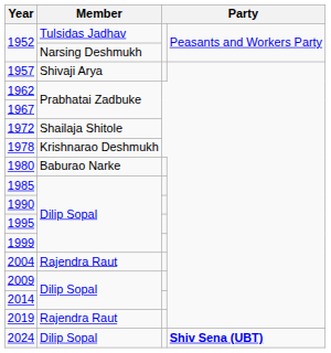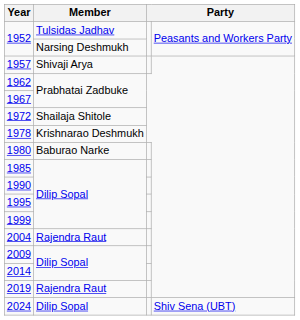 <table class="wikitable">
 <tr>
 <th>Year</th>
 <th>Member</th>
 <th colspan="2">Party</th>
 </tr>
 <tr>
 <td rowspan="2"><a href='#'>1952</a></td>
 <td><a href='#'>Tulsidas Jadhav</a></td>
 <td rowspan=2 style="background-color: "></td>
 <td rowspan=2><a href='#'>Peasants and Workers Party</a></td>
 </tr>
 <tr>
 <td>Narsing Deshmukh</td>
 </tr>
 <tr>
 <td><a href='#'>1957</a></td>
 <td>Shivaji Arya</td>
 <td></td>
 </tr>
 <tr>
 <td><a href='#'>1962</a></td>
 <td rowspan="2">Prabhatai Zadbuke</td>
 </tr>
 <tr>
 <td><a href='#'>1967</a></td>
 </tr>
 <tr>
 <td><a href='#'>1972</a></td>
 <td>Shailaja Shitole</td>
 </tr>
 <tr>
 <td><a href='#'>1978</a></td>
 <td>Krishnarao Deshmukh</td>
 </tr>
 <tr>
 <td><a href='#'>1980</a></td>
 <td>Baburao Narke</td>
 <td></td>
 </tr>
 <tr>
 <td><a href='#'>1985</a></td>
 <td rowspan="4"><a href='#'>Dilip Sopal</a></td>
 <td></td>
 </tr>
 <tr>
 <td><a href='#'>1990</a></td>
 <td></td>
 </tr>
 <tr>
 <td><a href='#'>1995</a></td>
 <td></td>
 </tr>
 <tr>
 <td><a href='#'>1999</a></td>
 <td></td>
 </tr>
 <tr>
 <td><a href='#'>2004</a></td>
 <td><a href='#'>Rajendra Raut</a></td>
 <td></td>
 </tr>
 <tr>
 <td><a href='#'>2009</a></td>
 <td rowspan="2"><a href='#'>Dilip Sopal</a></td>
 <td></td>
 </tr>
 <tr>
 <td><a href='#'>2014</a></td>
 <td></td>
 </tr>
 <tr>
 <td><a href='#'>2019</a></td>
 <td><a href='#'>Rajendra Raut</a></td>
 <td></td>
 </tr>
 <tr>
 <td><a href='#'>2024</a></td>
 <td><a href='#'>Dilip Sopal</a></td>
 <td style="background-color: "></td>
-<td><strong><a href='#'>Shiv Sena (UBT)</a></strong></td>
+<td><a href='#'>Shiv Sena (UBT)</a></td>
 </tr>
 </table>
